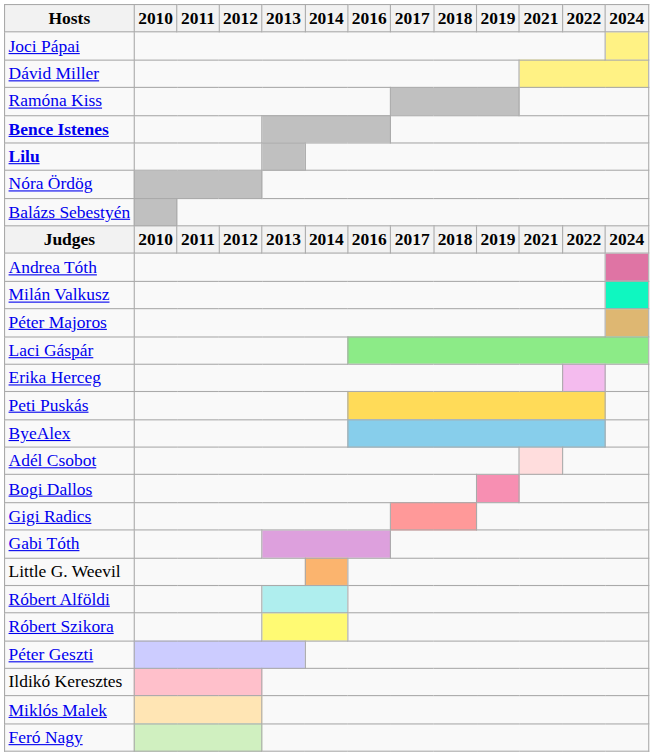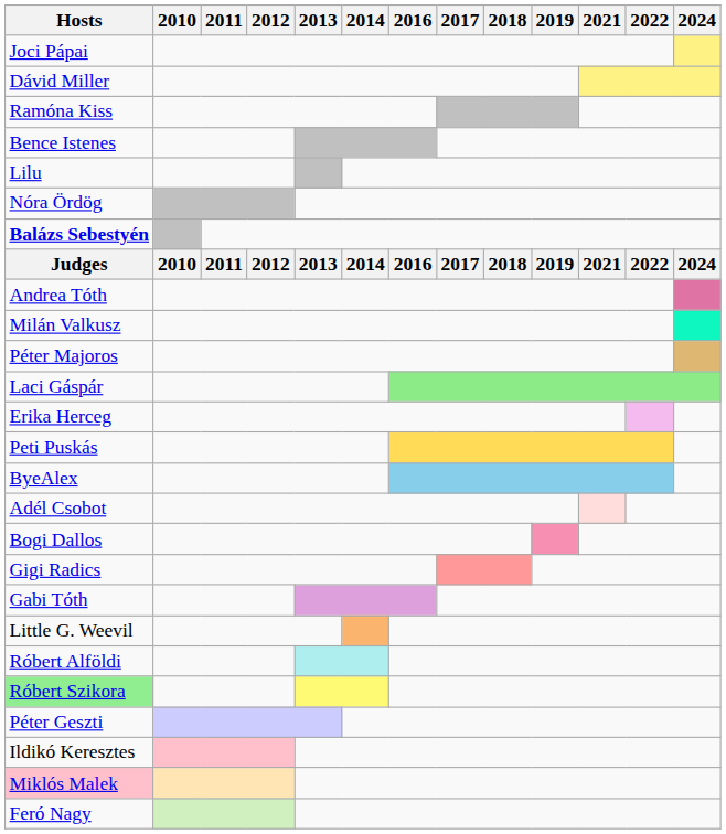 <table class="wikitable">
 <tr>
 <th>Hosts</th>
 <th>2010</th>
 <th>2011</th>
 <th>2012</th>
 <th>2013</th>
 <th>2014</th>
 <th>2016</th>
 <th>2017</th>
 <th>2018</th>
 <th>2019</th>
 <th>2021</th>
 <th>2022</th>
 <th>2024</th>
 </tr>
 <tr>
 <td><a href='#'>Joci Pápai</a></td>
 <td colspan="11"></td>
 <td colspan="1" style="background:#FFF284;"></td>
 </tr>
 <tr>
 <td><a href='#'>Dávid Miller</a></td>
 <td colspan="9"></td>
 <td colspan="3" style="background:#FFF284;"></td>
 </tr>
 <tr>
 <td><a href='#'>Ramóna Kiss</a></td>
 <td colspan="6"></td>
 <td colspan="3" style="background:silver;"></td>
 <td colspan="3"></td>
 </tr>
 <tr>
-<td><strong><a href='#'>Bence Istenes</a></strong></td>
+<td><a href='#'>Bence Istenes</a></td>
 <td colspan="3"></td>
 <td colspan="3" style="background:silver;"></td>
 <td colspan="6"></td>
 </tr>
 <tr>
-<td><strong><a href='#'>Lilu</a></strong></td>
+<td><a href='#'>Lilu</a></td>
 <td colspan="3"></td>
 <td colspan="1" style="background:silver;"></td>
 <td colspan="8"></td>
 </tr>
 <tr>
 <td><a href='#'>Nóra Ördög</a></td>
 <td colspan="3" style="background:silver;"></td>
 <td colspan="9"></td>
 </tr>
 <tr>
-<td><a href='#'>Balázs Sebestyén</a></td>
+<td><strong><a href='#'>Balázs Sebestyén</a></strong></td>
 <td colspan="1" style="background:silver;"></td>
 <td colspan="11"></td>
 </tr>
 <tr>
 <th>Judges</th>
 <th>2010</th>
 <th>2011</th>
 <th>2012</th>
 <th>2013</th>
 <th>2014</th>
 <th>2016</th>
 <th>2017</th>
 <th>2018</th>
 <th>2019</th>
 <th>2021</th>
 <th>2022</th>
 <th>2024</th>
 </tr>
 <tr>
 <td><a href='#'>Andrea Tóth</a></td>
 <td colspan="11"></td>
 <td colspan="1" style="background:#df74a4;"></td>
 </tr>
 <tr>
 <td><a href='#'>Milán Valkusz</a></td>
 <td colspan="11"></td>
 <td colspan="1" style="background:#0ff7c0;"></td>
 </tr>
 <tr>
 <td><a href='#'>Péter Majoros</a></td>
 <td colspan="11"></td>
 <td colspan="1" style="background:#deb772;"></td>
 </tr>
 <tr>
 <td><a href='#'>Laci Gáspár</a></td>
 <td colspan="5"></td>
 <td colspan="7" style="background:#8ceb87;"></td>
 </tr>
 <tr>
 <td><a href='#'>Erika Herceg</a></td>
 <td colspan="10"></td>
 <td colspan="1" style="background:#f4bbee;"></td>
 <td colspan="1"></td>
 </tr>
 <tr>
 <td><a href='#'>Peti Puskás</a></td>
 <td colspan="5"></td>
 <td colspan="6" style="background:#ffdb58;"></td>
 <td colspan="1"></td>
 </tr>
 <tr>
 <td><a href='#'>ByeAlex</a></td>
 <td colspan="5"></td>
 <td colspan="6" style="background:#87ceeb;"></td>
 <td colspan="1"></td>
 </tr>
 <tr>
 <td><a href='#'>Adél Csobot</a></td>
 <td colspan="9"></td>
 <td colspan="1" style="background:#ffdddd;"></td>
 <td colspan="2"></td>
 </tr>
 <tr>
 <td><a href='#'>Bogi Dallos</a></td>
 <td colspan="8"></td>
 <td colspan="1" style="background:#f78fb2;"></td>
 <td colspan="3"></td>
 </tr>
 <tr>
 <td><a href='#'>Gigi Radics</a></td>
 <td colspan="6"></td>
 <td colspan="2" style="background:#ff9999;"></td>
 <td colspan="4"></td>
 </tr>
 <tr>
 <td><a href='#'>Gabi Tóth</a></td>
 <td colspan="3"></td>
 <td colspan="3" style="background:#dda0dd;"></td>
 <td colspan="6"></td>
 </tr>
 <tr>
 <td>Little G. Weevil</td>
 <td colspan="4"></td>
 <td colspan="1" style="background:#fbb46e;"></td>
 <td colspan="7"></td>
 </tr>
 <tr>
 <td><a href='#'>Róbert Alföldi</a></td>
 <td colspan="3"></td>
 <td colspan="2" style="background:#afeeee;"></td>
 <td colspan="7"></td>
 </tr>
 <tr>
-<td><a href='#'>Róbert Szikora</a></td>
+<td style="background: lightgreen;"><a href='#'>Róbert Szikora</a></td>
 <td colspan="3"></td>
 <td colspan="2" style="background:#fffa73;"></td>
 <td colspan="7"></td>
 </tr>
 <tr>
 <td><a href='#'>Péter Geszti</a></td>
 <td colspan="4" style="background:#ccf;"></td>
 <td colspan="8"></td>
 </tr>
 <tr>
 <td>Ildikó Keresztes</td>
 <td colspan="3" style="background:pink;"></td>
 <td colspan="9"></td>
 </tr>
 <tr>
-<td><a href='#'>Miklós Malek</a></td>
+<td style="background: pink;"><a href='#'>Miklós Malek</a></td>
 <td colspan="3" style="background:#ffe5b4;"></td>
 <td colspan="9"></td>
 </tr>
 <tr>
 <td><a href='#'>Feró Nagy</a></td>
 <td colspan="3" style="background:#d0f0c0;"></td>
 <td colspan="9"></td>
 </tr>
 </table>
